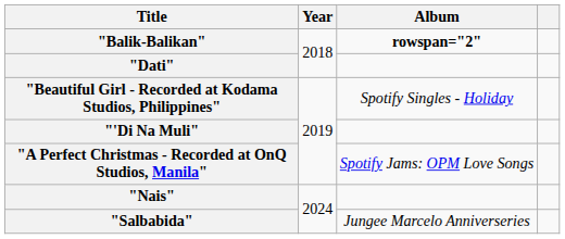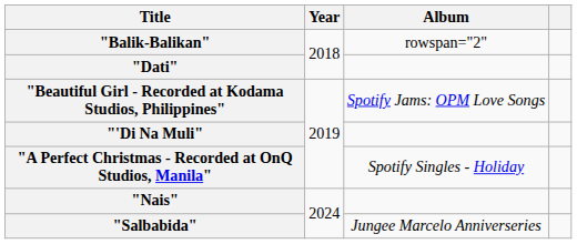 <table class="wikitable plainrowheaders" style="text-align:center;">
 <tr>
 <th scope="col" rowspan="1" style="width:300px;">Title</th>
 <th scope="col" rowspan="1">Year</th>
 <th scope="col" rowspan="1">Album</th>
 <th scope="col" class="unsortable" style="width:1em;"></th>
 </tr>
 <tr>
 <th scope="row">"Balik-Balikan"<br></th>
 <td align="center" rowspan="2">2018</td>
-<td><strong>rowspan="2" </strong></td>
+<td>rowspan="2" </td>
 <td></td>
 </tr>
 <tr>
 <th scope="row">"Dati"</th>
 <td></td>
 </tr>
 <tr>
 <th scope="row">"Beautiful Girl - Recorded at Kodama Studios, Philippines"</th>
 <td align="center" rowspan="3">2019</td>
-<td><em>Spotify Singles - <a href='#'>Holiday</a></em></td>
+<td><em><a href='#'>Spotify</a> Jams: <a href='#'>OPM</a> Love Songs</em></td>
 <td></td>
 </tr>
 <tr>
 <th scope="row">"'Di Na Muli"<br></th>
 <td></td>
 <td></td>
 </tr>
 <tr>
 <th scope="row">"A Perfect Christmas - Recorded at OnQ Studios, <a href='#'>Manila</a>"<br></th>
-<td><em><a href='#'>Spotify</a> Jams: <a href='#'>OPM</a> Love Songs</em></td>
+<td><em>Spotify Singles - <a href='#'>Holiday</a></em></td>
 <td></td>
 </tr>
 <tr>
 <th scope="row">"Nais"<br></th>
 <td align="center" rowspan="2">2024</td>
 <td></td>
 <td></td>
 </tr>
 <tr>
 <th scope="row">"Salbabida"</th>
 <td><em>Jungee Marcelo Anniverseries</em></td>
 <td></td>
 </tr>
 </table>
